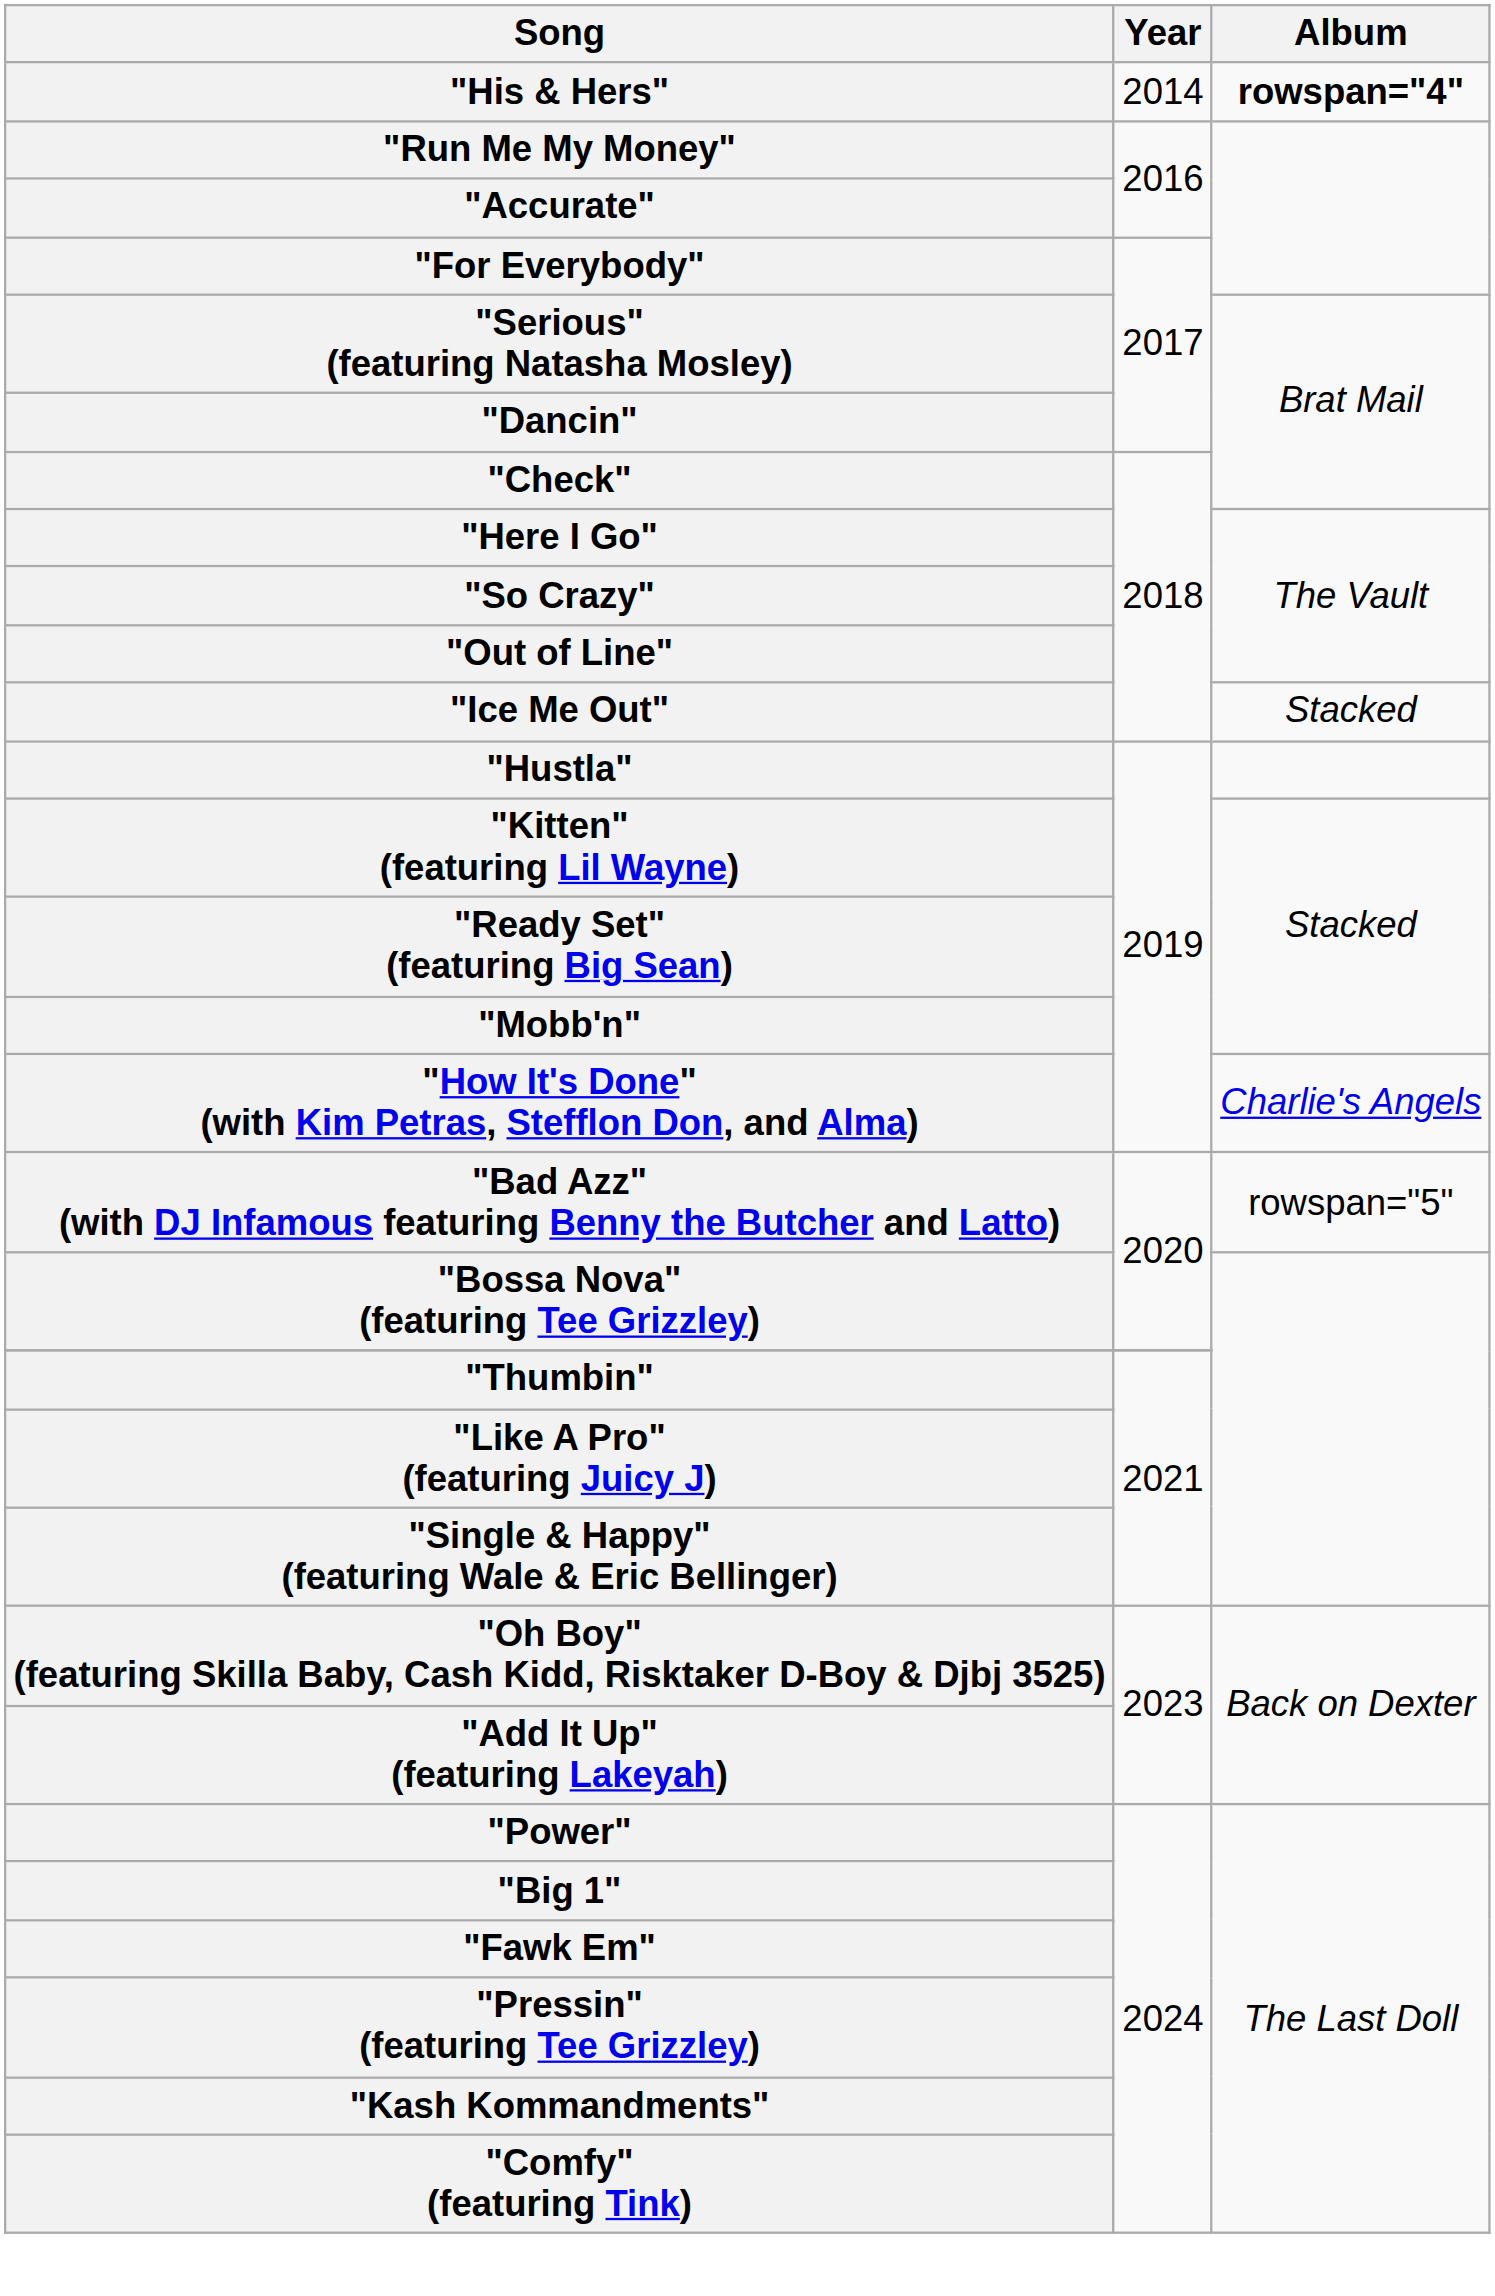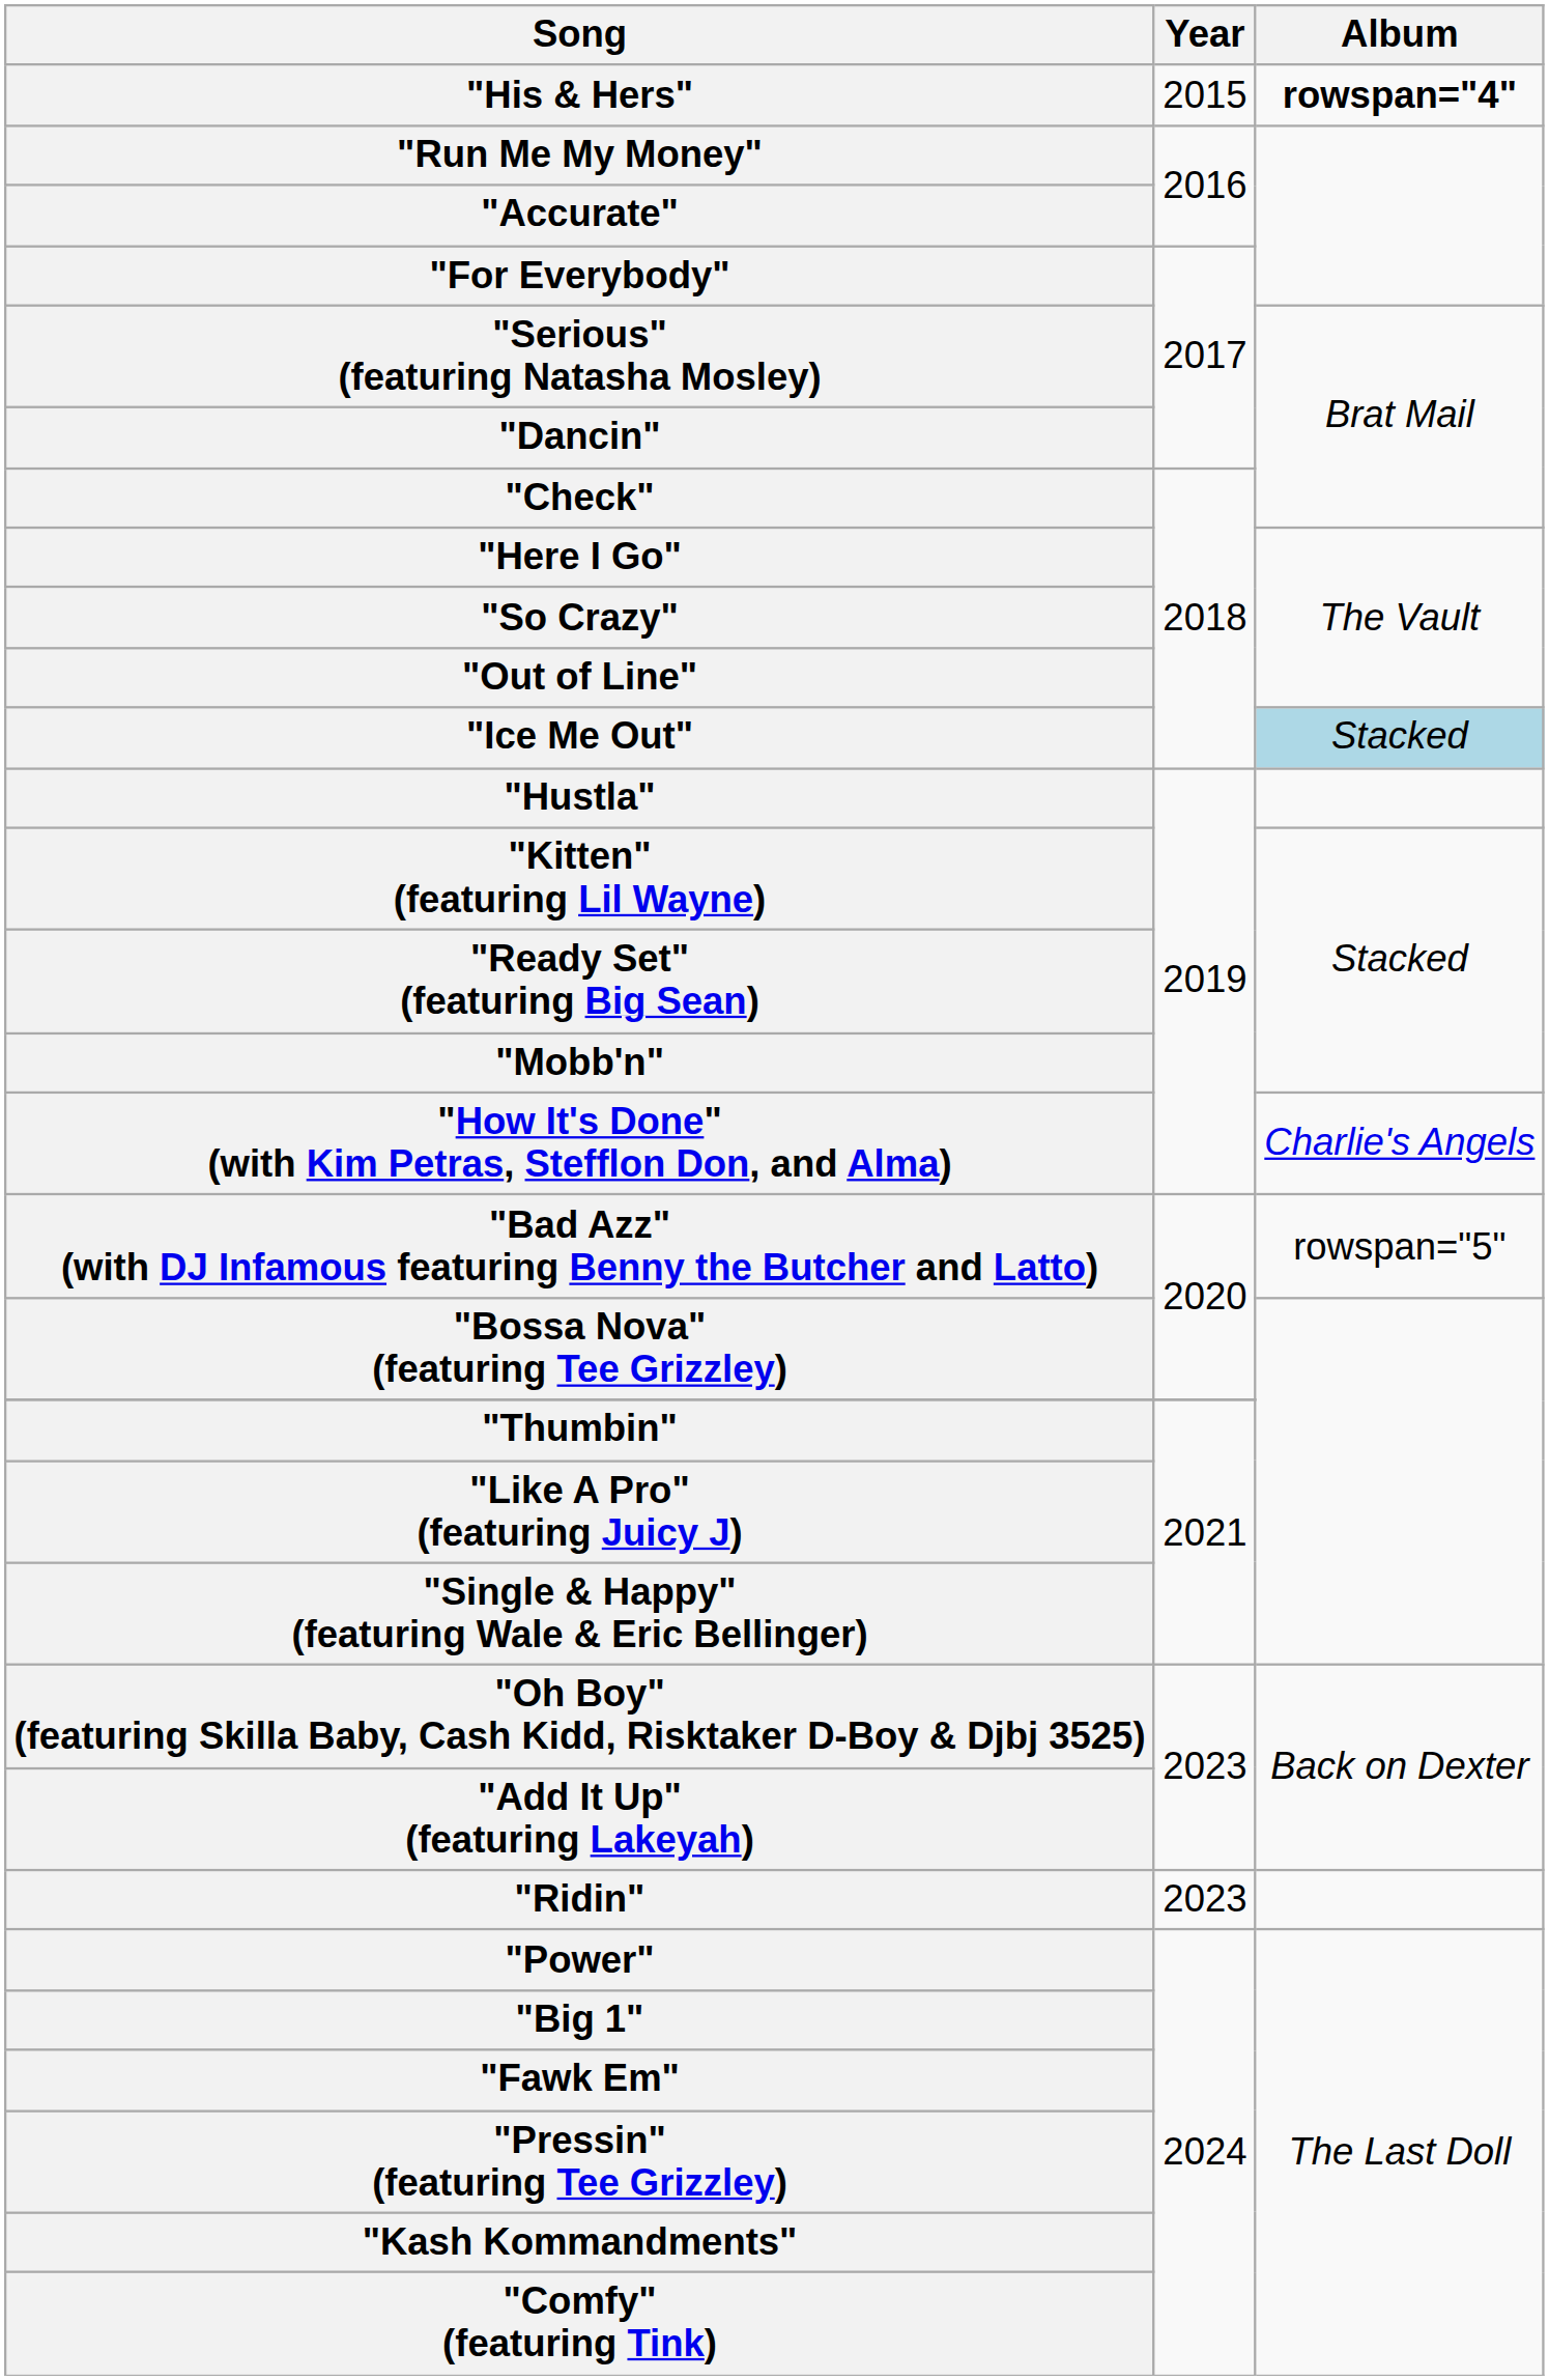 <table class="wikitable plainrowheaders" style="text-align:center;">
 <tr>
 <th>Song</th>
 <th>Year</th>
 <th>Album</th>
 </tr>
 <tr>
 <th scope="row">"His & Hers"</th>
-<td>2014</td>
+<td>2015</td>
 <td><strong>rowspan="4" </strong></td>
 </tr>
 <tr>
 <th scope="row">"Run Me My Money"</th>
 <td rowspan="2">2016</td>
 </tr>
 <tr>
 <th scope="row">"Accurate"</th>
 </tr>
 <tr>
 <th scope="row">"For Everybody"</th>
 <td rowspan="3">2017</td>
 </tr>
 <tr>
 <th scope="row">"Serious"<br><span>(featuring Natasha Mosley)</span></th>
 <td rowspan="3"><em>Brat Mail</em></td>
 </tr>
 <tr>
 <th scope="row">"Dancin"</th>
 </tr>
 <tr>
 <th scope="row">"Check"</th>
 <td rowspan="5">2018</td>
 </tr>
 <tr>
 <th scope="row">"Here I Go"</th>
 <td rowspan="3"><em>The Vault</em></td>
 </tr>
 <tr>
 <th scope="row">"So Crazy"</th>
 </tr>
 <tr>
 <th scope="row">"Out of Line"</th>
 </tr>
 <tr>
 <th scope="row">"Ice Me Out"</th>
-<td><em>Stacked</em></td>
+<td style="background: lightblue;"><em>Stacked</em></td>
 </tr>
 <tr>
 <th scope="row">"Hustla"</th>
 <td rowspan="5">2019</td>
 <td></td>
 </tr>
 <tr>
 <th scope="row">"Kitten"<br><span>(featuring <a href='#'>Lil Wayne</a>)</span></th>
 <td rowspan="3"><em>Stacked</em></td>
 </tr>
 <tr>
 <th scope="row">"Ready Set"<br><span>(featuring <a href='#'>Big Sean</a>)</span></th>
 </tr>
 <tr>
 <th scope="row">"Mobb'n"</th>
 </tr>
 <tr>
 <th scope="row">"<a href='#'>How It's Done</a>"<br><span>(with <a href='#'>Kim Petras</a>, <a href='#'>Stefflon Don</a>, and <a href='#'>Alma</a>)</span></th>
 <td><em><a href='#'>Charlie's Angels</a></em></td>
 </tr>
 <tr>
 <th scope="row">"Bad Azz"<br><span>(with <a href='#'>DJ Infamous</a> featuring <a href='#'>Benny the Butcher</a> and <a href='#'>Latto</a>)</span></th>
 <td rowspan="2">2020</td>
 <td>rowspan="5" </td>
 </tr>
 <tr>
 <th scope="row">"Bossa Nova"<br><span>(featuring <a href='#'>Tee Grizzley</a>)</span></th>
 </tr>
 <tr>
 </tr>
 <tr>
 <th scope="row">"Thumbin"</th>
 <td rowspan="3">2021</td>
 </tr>
 <tr>
 <th scope="row">"Like A Pro"<br><span>(featuring <a href='#'>Juicy J</a>)</span></th>
 </tr>
 <tr>
 <th scope="row">"Single & Happy"<br><span>(featuring Wale & Eric Bellinger)</span></th>
 </tr>
 <tr>
 <th scope="row">"Oh Boy"<br><span>(featuring Skilla Baby, Cash Kidd, Risktaker D-Boy & Djbj 3525)</span></th>
 <td rowspan="2">2023</td>
 <td rowspan="2"><em>Back on Dexter</em></td>
 </tr>
 <tr>
 <th scope="row">"Add It Up"<br><span>(featuring <a href='#'>Lakeyah</a>)</span></th>
 </tr>
 <tr>
+<th scope="row">"Ridin"</th>
+<td>2023</td>
+<td></td>
+</tr>
+<tr>
 <th scope="row">"Power"</th>
 <td rowspan="6">2024</td>
 <td rowspan="6"><em>The Last Doll</em></td>
 </tr>
 <tr>
 <th scope="row">"Big 1"</th>
 </tr>
 <tr>
 <th scope="row">"Fawk Em"</th>
 </tr>
 <tr>
 <th scope="row">"Pressin"<br><span>(featuring <a href='#'>Tee Grizzley</a>)</span></th>
 </tr>
 <tr>
 <th scope="row">"Kash Kommandments"</th>
 </tr>
 <tr>
 <th scope="row">"Comfy"<br><span>(featuring <a href='#'>Tink</a>)</span></th>
 </tr>
 </table>
